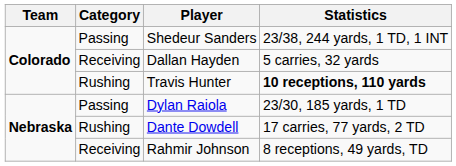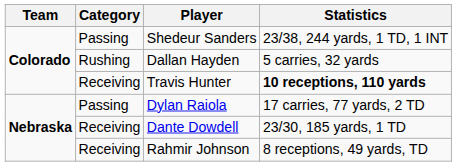 <table class="wikitable" style="float: right;">
 <tr>
 <th>Team</th>
 <th>Category</th>
 <th>Player</th>
 <th>Statistics</th>
 </tr>
 <tr>
 <td rowspan=3><strong>Colorado</strong></td>
 <td>Passing</td>
 <td>Shedeur Sanders</td>
 <td>23/38, 244 yards, 1 TD, 1 INT</td>
 </tr>
 <tr>
-<td>Receiving</td>
+<td>Rushing</td>
 <td>Dallan Hayden</td>
 <td>5 carries, 32 yards</td>
 </tr>
 <tr>
-<td>Rushing</td>
+<td>Receiving</td>
 <td>Travis Hunter</td>
 <td><strong>10 receptions, 110 yards</strong></td>
 </tr>
 <tr>
 <td rowspan=3><strong>Nebraska</strong></td>
 <td>Passing</td>
 <td><a href='#'>Dylan Raiola</a></td>
-<td>23/30, 185 yards, 1 TD</td>
+<td>17 carries, 77 yards, 2 TD</td>
 </tr>
 <tr>
-<td>Rushing</td>
+<td>Receiving</td>
 <td><a href='#'>Dante Dowdell</a></td>
-<td>17 carries, 77 yards, 2 TD</td>
+<td>23/30, 185 yards, 1 TD</td>
 </tr>
 <tr>
 <td>Receiving</td>
 <td>Rahmir Johnson</td>
 <td>8 receptions, 49 yards, TD</td>
 </tr>
 </table>
